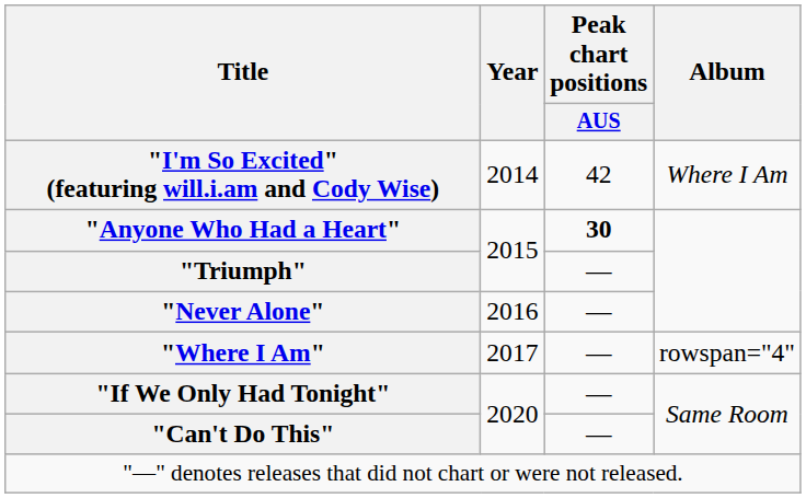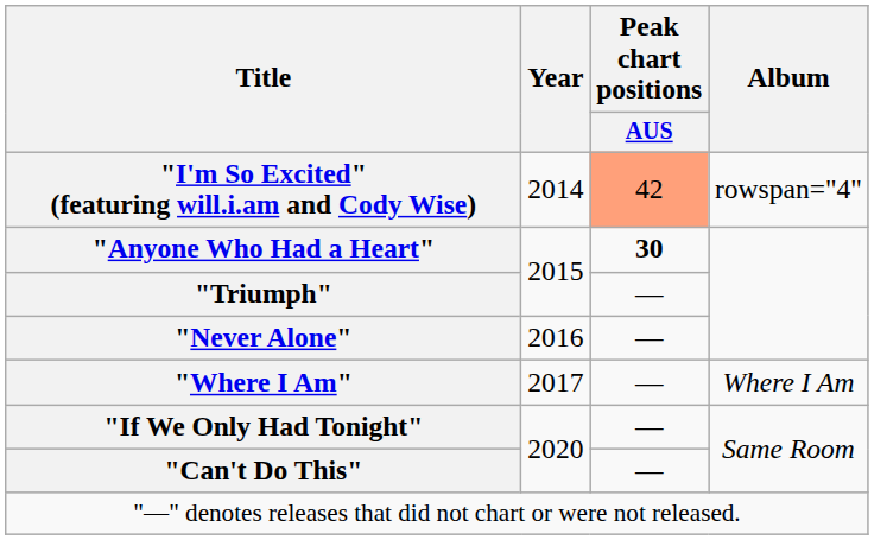 <table class="wikitable plainrowheaders" style="text-align:center;">
 <tr>
 <th scope="col" rowspan="2" style="width:18em;">Title</th>
 <th scope="col" rowspan="2" style="width:1em;">Year</th>
 <th scope="col">Peak chart positions</th>
 <th scope="col" rowspan="2">Album</th>
 </tr>
 <tr>
 <th scope="col" style="width:3em;font-size:85%;"><a href='#'>AUS</a><br></th>
 </tr>
 <tr>
 <th scope="row">"<a href='#'>I'm So Excited</a>"<br><span>(featuring <a href='#'>will.i.am</a> and <a href='#'>Cody Wise</a>)</span></th>
 <td>2014</td>
-<td>42</td>
-<td><em>Where I Am</em></td>
+<td style="background: lightsalmon;">42</td>
+<td>rowspan="4" </td>
 </tr>
 <tr>
 <th scope="row">"<a href='#'>Anyone Who Had a Heart</a>" </th>
 <td rowspan="2">2015</td>
 <td><strong>30</strong></td>
 </tr>
 <tr>
 <th scope="row">"Triumph"</th>
 <td>—</td>
 </tr>
 <tr>
 <th scope="row">"<a href='#'>Never Alone</a>"</th>
 <td>2016</td>
 <td>—</td>
 </tr>
 <tr>
 <th scope="row">"<a href='#'>Where I Am</a>"</th>
 <td>2017</td>
 <td>—</td>
-<td>rowspan="4" </td>
+<td><em>Where I Am</em></td>
 </tr>
 <tr>
 <th scope="row">"If We Only Had Tonight"</th>
 <td rowspan="2">2020</td>
 <td>—</td>
 <td rowspan="2"><em>Same Room</em></td>
 </tr>
 <tr>
 <th scope="row">"Can't Do This"</th>
 <td>—</td>
 </tr>
 <tr>
 <td colspan="20" align="center" style="font-size:90%">"—" denotes releases that did not chart or were not released.</td>
 </tr>
 </table>
